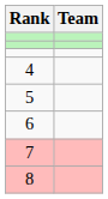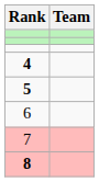 <table class=wikitable style="text-align: center;">
 <tr>
 <th>Rank</th>
 <th>Team</th>
 </tr>
 <tr style="background: #BBF3BB;">
 <td></td>
 <td style="text-align: left;"></td>
 </tr>
 <tr style="background: #BBF3BB;">
 <td></td>
 <td style="text-align: left;"></td>
 </tr>
 <tr>
 <td></td>
 <td style="text-align: left;"></td>
 </tr>
 <tr>
-<td>4</td>
+<td><strong>4</strong></td>
 <td style="text-align: left;"></td>
 </tr>
 <tr>
-<td>5</td>
+<td><strong>5</strong></td>
 <td style="text-align: left;"></td>
 </tr>
 <tr>
 <td>6</td>
 <td style="text-align: left;"></td>
 </tr>
 <tr style="background: #FFBBBB;">
 <td>7</td>
 <td style="text-align: left;"></td>
 </tr>
 <tr style="background: #FFBBBB;">
-<td>8</td>
+<td><strong>8</strong></td>
 <td style="text-align: left;"></td>
 </tr>
 </table>
